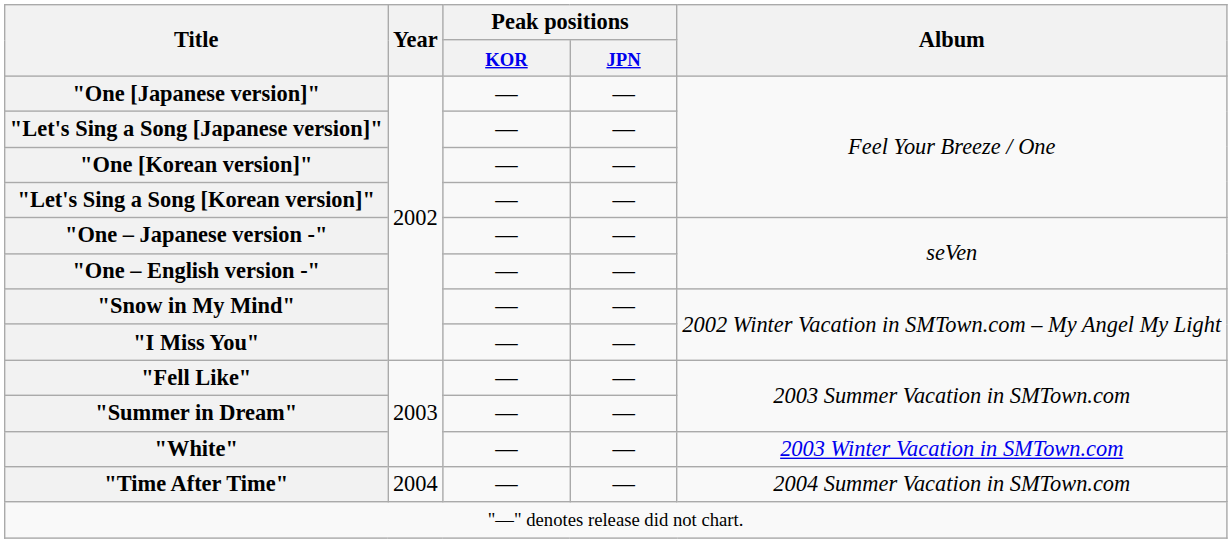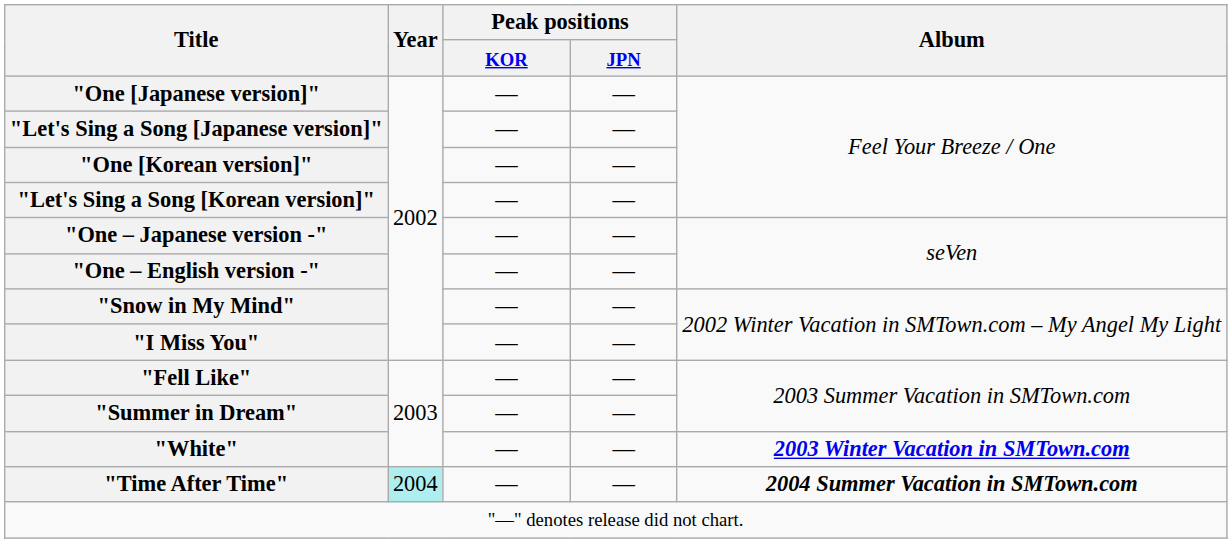 <table class="wikitable plainrowheaders" style="text-align:center;">
 <tr>
 <th scope="col" rowspan="2">Title</th>
 <th scope="col" rowspan="2">Year</th>
 <th scope="col" colspan="2" style="width:10em;">Peak positions</th>
 <th scope="col" rowspan="2">Album</th>
 </tr>
 <tr>
 <th><small><a href='#'>KOR</a></small><br></th>
 <th><small><a href='#'>JPN</a></small><br></th>
 </tr>
 <tr>
 <th scope="row">"One [Japanese version]" </th>
 <td rowspan="8">2002</td>
 <td>—</td>
 <td>—</td>
 <td rowspan="4"><em>Feel Your Breeze / One</em></td>
 </tr>
 <tr>
 <th scope="row">"Let's Sing a Song [Japanese version]" </th>
 <td>—</td>
 <td>—</td>
 </tr>
 <tr>
 <th scope="row">"One [Korean version]" </th>
 <td>—</td>
 <td>—</td>
 </tr>
 <tr>
 <th scope="row">"Let's Sing a Song [Korean version]" </th>
 <td>—</td>
 <td>—</td>
 </tr>
 <tr>
 <th scope="row">"One – Japanese version -" </th>
 <td>—</td>
 <td>—</td>
 <td rowspan="2"><em>seVen</em></td>
 </tr>
 <tr>
 <th scope="row">"One – English version -" </th>
 <td>—</td>
 <td>—</td>
 </tr>
 <tr>
 <th scope="row">"Snow in My Mind" </th>
 <td>—</td>
 <td>—</td>
 <td rowspan="2"><em>2002 Winter Vacation in SMTown.com – My Angel My Light</em></td>
 </tr>
 <tr>
 <th scope="row">"I Miss You" </th>
 <td>—</td>
 <td>—</td>
 </tr>
 <tr>
 <th scope="row">"Fell Like" </th>
 <td rowspan="3">2003</td>
 <td>—</td>
 <td>—</td>
 <td rowspan="2"><em>2003 Summer Vacation in SMTown.com</em></td>
 </tr>
 <tr>
 <th scope="row">"Summer in Dream" </th>
 <td>—</td>
 <td>—</td>
 </tr>
 <tr>
 <th scope="row">"White"</th>
 <td>—</td>
 <td>—</td>
-<td><em><a href='#'>2003 Winter Vacation in SMTown.com</a></em></td>
+<td><strong><em><a href='#'>2003 Winter Vacation in SMTown.com</a></em></strong></td>
 </tr>
 <tr>
 <th scope="row">"Time After Time" </th>
-<td>2004</td>
+<td style="background: paleturquoise;">2004</td>
 <td>—</td>
 <td>—</td>
-<td><em>2004 Summer Vacation in SMTown.com </em></td>
+<td><strong><em>2004 Summer Vacation in SMTown.com </em></strong></td>
 </tr>
 <tr>
 <td colspan="5" align="center"><small>"—" denotes release did not chart.</small></td>
 </tr>
 </table>
